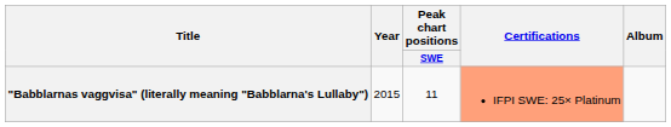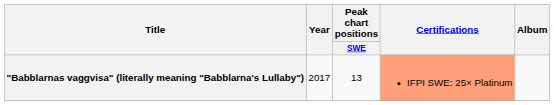 <table class="wikitable plainrowheaders" style="text-align:center;">
 <tr>
 <th scope="col" rowspan="2">Title</th>
 <th scope="col" rowspan="2">Year</th>
 <th scope="col" colspan="1">Peak chart positions</th>
 <th scope="col" rowspan="2"><a href='#'>Certifications</a></th>
 <th scope="col" rowspan="2">Album</th>
 </tr>
 <tr>
 <th scope="col" style="width:3em;font-size:85%;"><a href='#'>SWE</a><br></th>
 </tr>
 <tr>
 <th scope="row">"Babblarnas vaggvisa" (literally meaning "Babblarna's Lullaby")</th>
-<td>2015</td>
-<td>11</td>
+<td>2017</td>
+<td>13</td>
 <td style="background: lightsalmon;"><br><ul><li>IFPI SWE: 25× Platinum</li></ul></td>
 <td></td>
 </tr>
 </table>
